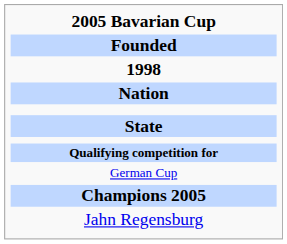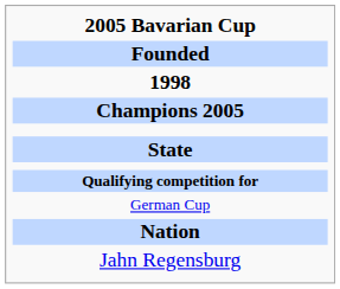 <table class="infobox football" style="width: 16em; text-align: center;">
 <tr>
 <th style="">2005 Bavarian Cup</th>
 </tr>
 <tr>
 <td style="background: #BFD7FF;"><strong>Founded</strong></td>
 </tr>
 <tr>
 <td style=""><strong>1998</strong></td>
 </tr>
 <tr>
-<td style="background: #BFD7FF;"><strong>Nation</strong></td>
+<td style="background: #BFD7FF;"><strong>Champions 2005</strong></td>
 </tr>
 <tr>
 <td style=""></td>
 </tr>
 <tr>
 <td style="line-height: 15px;"></td>
 </tr>
 <tr>
 <td style="background: #BFD7FF;"><strong>State</strong></td>
 </tr>
 <tr>
 <td style=""></td>
 </tr>
 <tr>
 <td style="font-size: 12px; background: #BFD7FF;"><strong>Qualifying competition for</strong></td>
 </tr>
 <tr>
 <td style="font-size: 12px;"><a href='#'>German Cup</a></td>
 </tr>
 <tr>
-<td style="background: #BFD7FF;"><strong>Champions 2005</strong></td>
+<td style="background: #BFD7FF;"><strong>Nation</strong></td>
 </tr>
 <tr>
 <td style=""><a href='#'>Jahn Regensburg</a></td>
 </tr>
 <tr>
 </tr>
 </table>
